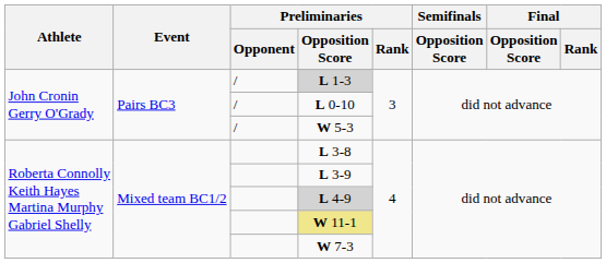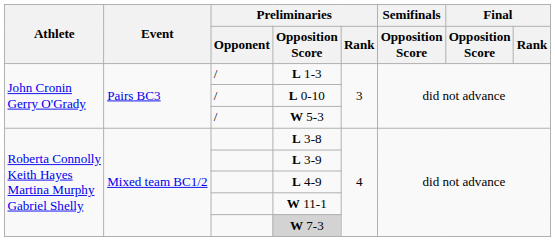 <table class=wikitable style="font-size:90%">
 <tr>
 <th rowspan="2">Athlete</th>
 <th rowspan="2">Event</th>
 <th colspan="3">Preliminaries</th>
 <th>Semifinals</th>
 <th colspan="2">Final</th>
 </tr>
 <tr>
 <th>Opponent</th>
 <th>Opposition<br>Score</th>
 <th>Rank</th>
 <th>Opposition<br>Score</th>
 <th>Opposition<br>Score</th>
 <th>Rank</th>
 </tr>
 <tr>
 <td rowspan="3"><a href='#'>John Cronin</a><br> <a href='#'>Gerry O'Grady</a></td>
 <td rowspan="3"><a href='#'>Pairs BC3</a></td>
 <td align="left"> /<br> </td>
-<td align="center" style="background: lightgrey;"><strong>L</strong> 1-3</td>
+<td align="center"><strong>L</strong> 1-3</td>
 <td align="center" rowspan="3">3</td>
 <td align="center" rowspan="3" colspan="3">did not advance</td>
 </tr>
 <tr>
 <td align="left"> /<br> </td>
 <td align="center"><strong>L</strong> 0-10</td>
 </tr>
 <tr>
 <td align="left"> /<br> </td>
 <td align="center"><strong>W</strong> 5-3</td>
 </tr>
 <tr>
 <td rowspan="5"><a href='#'>Roberta Connolly</a><br> <a href='#'>Keith Hayes</a><br> <a href='#'>Martina Murphy</a><br> <a href='#'>Gabriel Shelly</a></td>
 <td rowspan="5"><a href='#'>Mixed team BC1/2</a></td>
 <td align="left"></td>
 <td align="center"><strong>L</strong> 3-8</td>
 <td align="center" rowspan="5">4</td>
 <td align="center" rowspan="5" colspan="3">did not advance</td>
 </tr>
 <tr>
 <td align="left"></td>
 <td align="center"><strong>L</strong> 3-9</td>
 </tr>
 <tr>
 <td align="left"></td>
-<td align="center" style="background: lightgrey;"><strong>L</strong> 4-9</td>
+<td align="center"><strong>L</strong> 4-9</td>
 </tr>
 <tr>
 <td align="left"></td>
-<td align="center" style="background: khaki;"><strong>W</strong> 11-1</td>
+<td align="center"><strong>W</strong> 11-1</td>
 </tr>
 <tr>
 <td align="left"></td>
-<td align="center"><strong>W</strong> 7-3</td>
+<td align="center" style="background: lightgrey;"><strong>W</strong> 7-3</td>
 </tr>
 </table>
